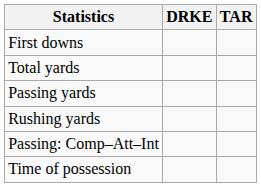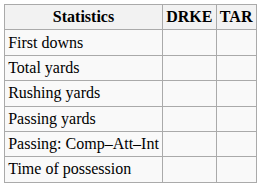 <table class="wikitable" style="float: left;">
 <tr>
 <th>Statistics</th>
 <th>DRKE</th>
 <th>TAR</th>
 </tr>
 <tr>
 <td>First downs</td>
 <td></td>
 <td></td>
 </tr>
 <tr>
 <td>Total yards</td>
 <td></td>
 <td></td>
 </tr>
 <tr>
-<td>Passing yards</td>
+<td>Rushing yards</td>
 <td></td>
 <td></td>
 </tr>
 <tr>
-<td>Rushing yards</td>
+<td>Passing yards</td>
 <td></td>
 <td></td>
 </tr>
 <tr>
 <td>Passing: Comp–Att–Int</td>
 <td></td>
 <td></td>
 </tr>
 <tr>
 <td>Time of possession</td>
 <td></td>
 <td></td>
 </tr>
 <tr>
 </tr>
 </table>
